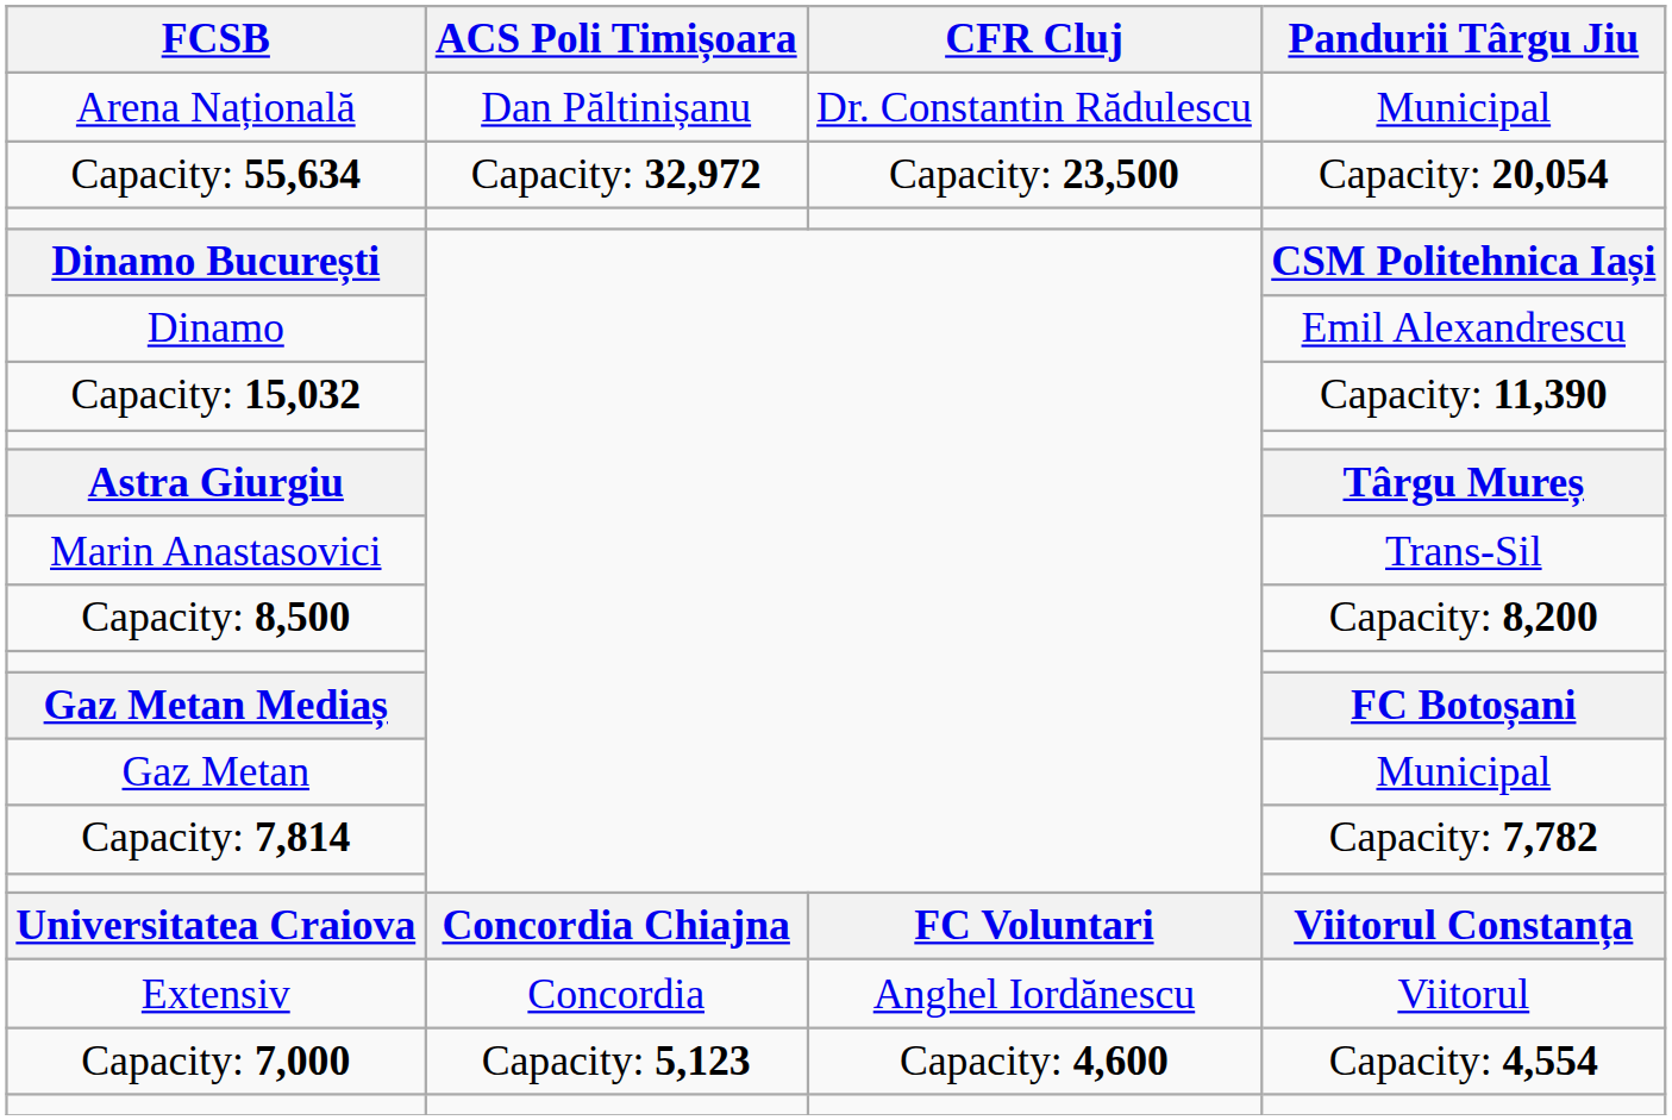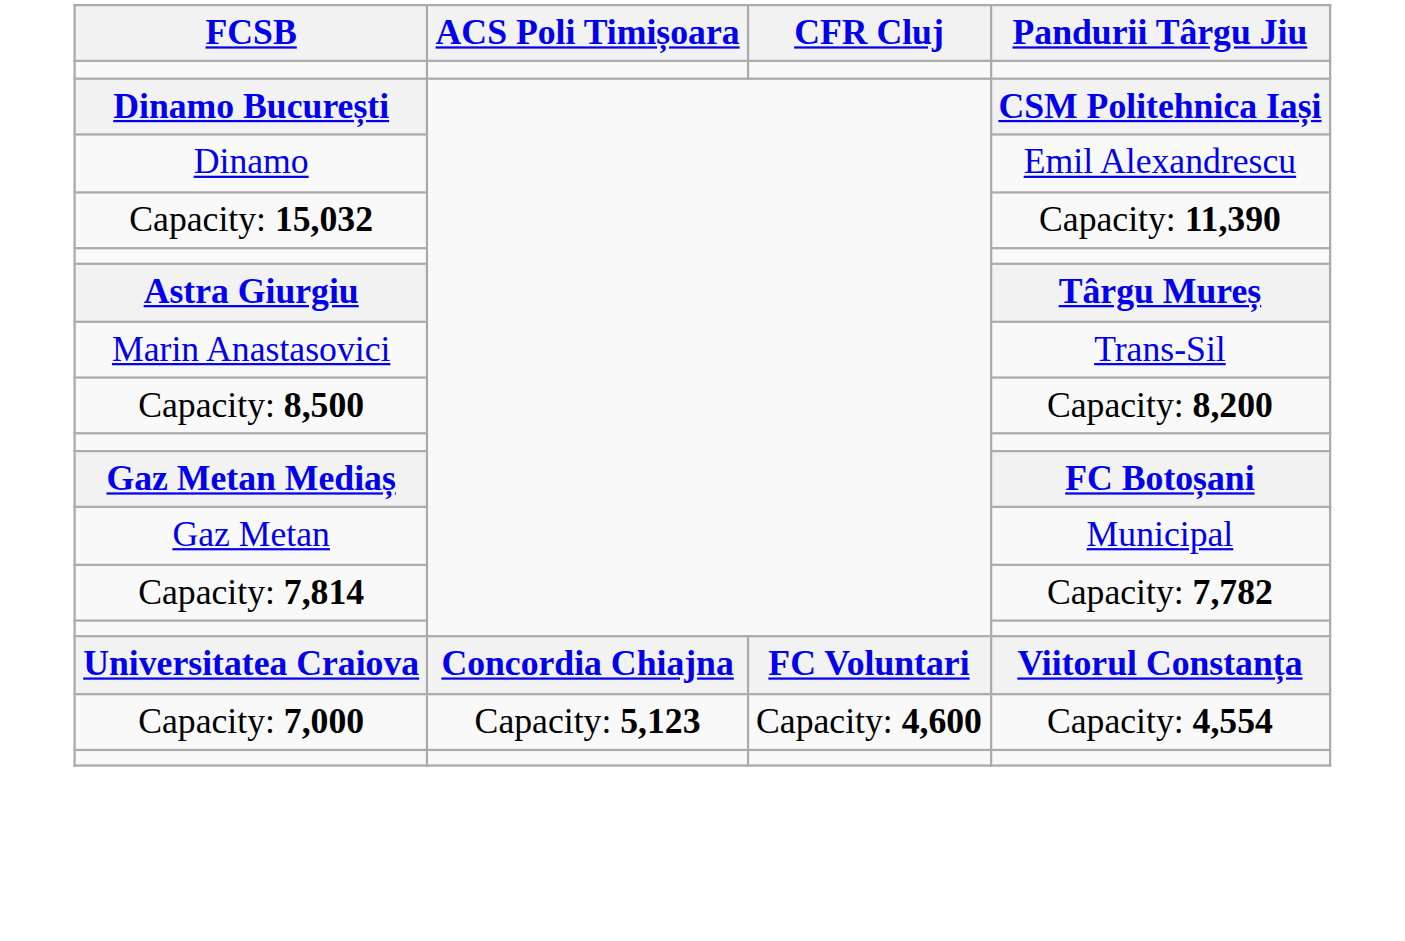 <table class="wikitable" style="text-align:center;margin:0.5em auto;">
 <tr>
 <th><a href='#'>FCSB</a></th>
 <th><a href='#'>ACS Poli Timișoara</a></th>
 <th><a href='#'>CFR Cluj</a></th>
 <th><a href='#'>Pandurii Târgu Jiu</a></th>
-</tr>
-<tr>
-<td><a href='#'>Arena Națională</a></td>
-<td><a href='#'>Dan Păltinișanu</a></td>
-<td><a href='#'>Dr. Constantin Rădulescu</a></td>
-<td><a href='#'>Municipal</a></td>
-</tr>
-<tr>
-<td>Capacity: <strong>55,634</strong></td>
-<td>Capacity: <strong>32,972</strong></td>
-<td>Capacity: <strong>23,500</strong></td>
-<td>Capacity: <strong>20,054</strong></td>
 </tr>
 <tr>
 <td></td>
 <td></td>
 <td></td>
 <td></td>
 </tr>
 <tr>
 <th><a href='#'>Dinamo București</a></th>
 <td colspan="2" rowspan="12"><br> </td>
 <th><a href='#'>CSM Politehnica Iași</a></th>
 </tr>
 <tr>
 <td><a href='#'>Dinamo</a></td>
 <td><a href='#'>Emil Alexandrescu</a></td>
 </tr>
 <tr>
 <td>Capacity: <strong>15,032</strong></td>
 <td>Capacity: <strong>11,390</strong></td>
 </tr>
 <tr>
 <td></td>
 <td></td>
 </tr>
 <tr>
 <th><a href='#'>Astra Giurgiu</a></th>
 <th><a href='#'>Târgu Mureș</a></th>
 </tr>
 <tr>
 <td><a href='#'>Marin Anastasovici</a></td>
 <td><a href='#'>Trans-Sil</a></td>
 </tr>
 <tr>
 <td>Capacity: <strong>8,500</strong></td>
 <td>Capacity: <strong>8,200</strong></td>
 </tr>
 <tr>
 <td></td>
 <td></td>
 </tr>
 <tr>
 <th><a href='#'>Gaz Metan Mediaș</a></th>
 <th><a href='#'>FC Botoșani</a></th>
 </tr>
 <tr>
 <td><a href='#'>Gaz Metan</a></td>
 <td><a href='#'>Municipal</a></td>
 </tr>
 <tr>
 <td>Capacity: <strong>7,814</strong></td>
 <td>Capacity: <strong>7,782</strong></td>
 </tr>
 <tr>
 <td></td>
 <td></td>
 </tr>
 <tr>
 <th><a href='#'>Universitatea Craiova</a></th>
 <th><a href='#'>Concordia Chiajna</a></th>
 <th><a href='#'>FC Voluntari</a></th>
 <th><a href='#'>Viitorul Constanța</a></th>
 </tr>
 <tr>
-<td><a href='#'>Extensiv</a></td>
-<td><a href='#'>Concordia</a></td>
-<td><a href='#'>Anghel Iordănescu</a></td>
-<td><a href='#'>Viitorul</a></td>
-</tr>
-<tr>
 <td>Capacity: <strong>7,000</strong></td>
 <td>Capacity: <strong>5,123</strong></td>
 <td>Capacity: <strong>4,600</strong></td>
 <td>Capacity: <strong>4,554</strong></td>
 </tr>
 <tr>
 <td></td>
 <td></td>
 <td></td>
 <td></td>
 </tr>
 </table>
